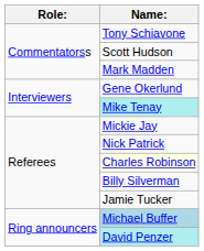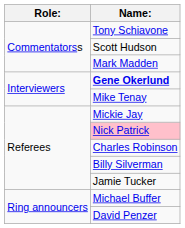 <table class=wikitable style="font-size:90%; margin: 0.5em 0 0.5em 1em; float: right; clear: right;">
 <tr>
 <th>Role:</th>
 <th>Name:</th>
 </tr>
 <tr>
 <td rowspan=3><a href='#'>Commentators</a>s</td>
 <td><a href='#'>Tony Schiavone</a></td>
 </tr>
 <tr>
 <td>Scott Hudson</td>
 </tr>
 <tr>
 <td><a href='#'>Mark Madden</a></td>
 </tr>
 <tr>
 <td rowspan=2><a href='#'>Interviewers</a></td>
-<td><a href='#'>Gene Okerlund</a></td>
+<td><strong><a href='#'>Gene Okerlund</a></strong></td>
 </tr>
 <tr>
-<td style="background: paleturquoise;"><a href='#'>Mike Tenay</a></td>
+<td><a href='#'>Mike Tenay</a></td>
 </tr>
 <tr>
 <td rowspan=5>Referees</td>
 <td><a href='#'>Mickie Jay</a></td>
 </tr>
 <tr>
-<td><a href='#'>Nick Patrick</a></td>
+<td style="background: pink;"><a href='#'>Nick Patrick</a></td>
 </tr>
 <tr>
-<td style="background: lightyellow;"><a href='#'>Charles Robinson</a></td>
+<td><a href='#'>Charles Robinson</a></td>
 </tr>
 <tr>
 <td><a href='#'>Billy Silverman</a></td>
 </tr>
 <tr>
 <td>Jamie Tucker</td>
 </tr>
 <tr>
 <td rowspan=2><a href='#'>Ring announcers</a></td>
-<td style="background: lightblue;"><a href='#'>Michael Buffer</a> </td>
+<td><a href='#'>Michael Buffer</a> </td>
 </tr>
 <tr>
-<td style="background: paleturquoise;"><a href='#'>David Penzer</a></td>
+<td><a href='#'>David Penzer</a></td>
 </tr>
 </table>
